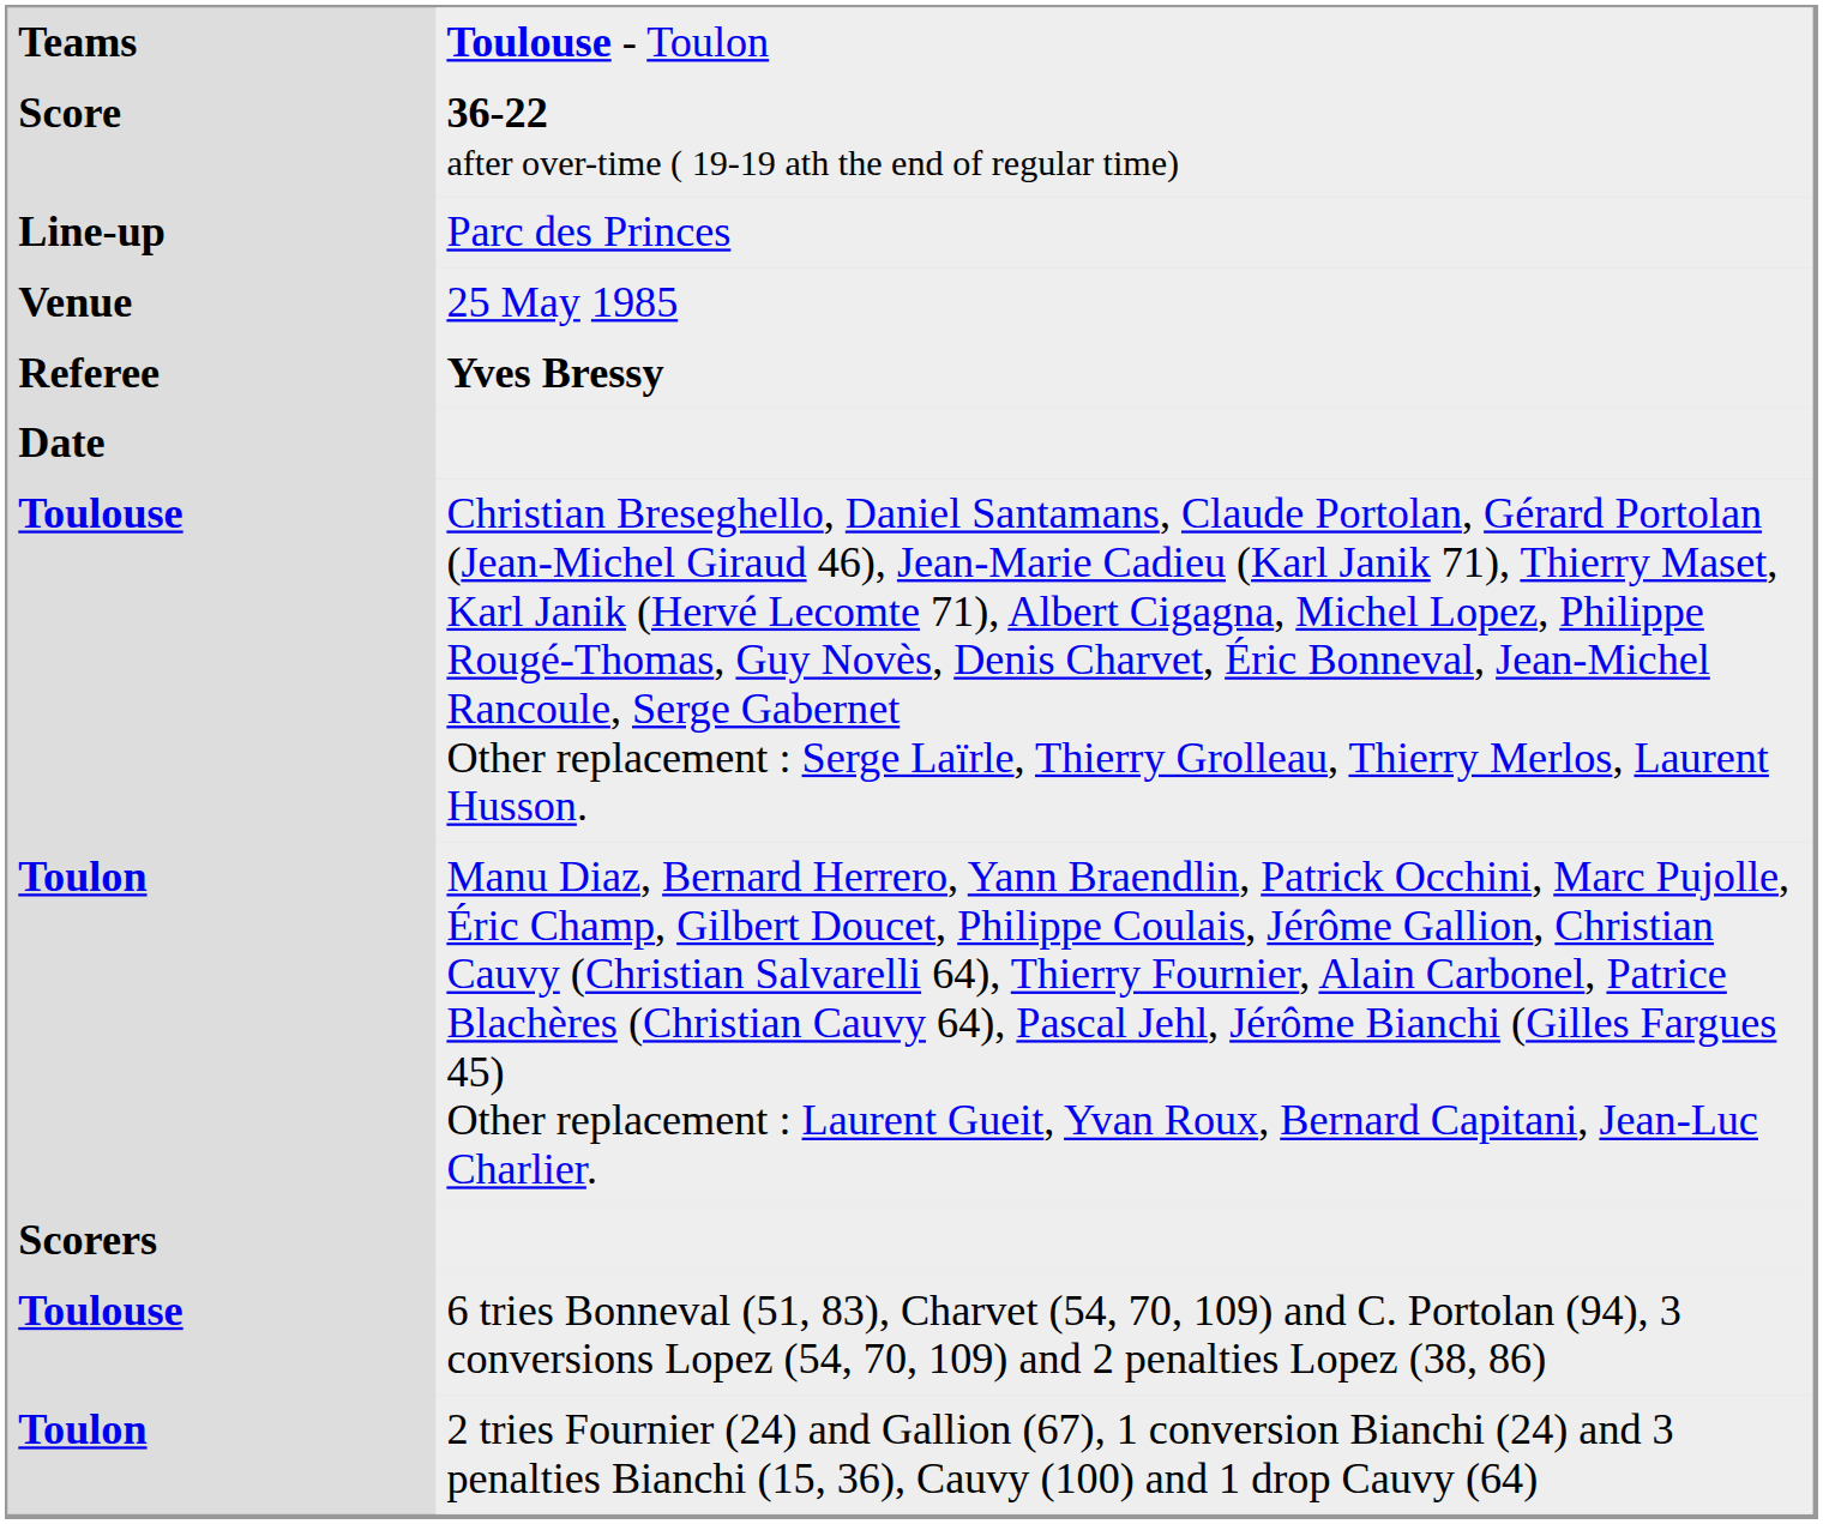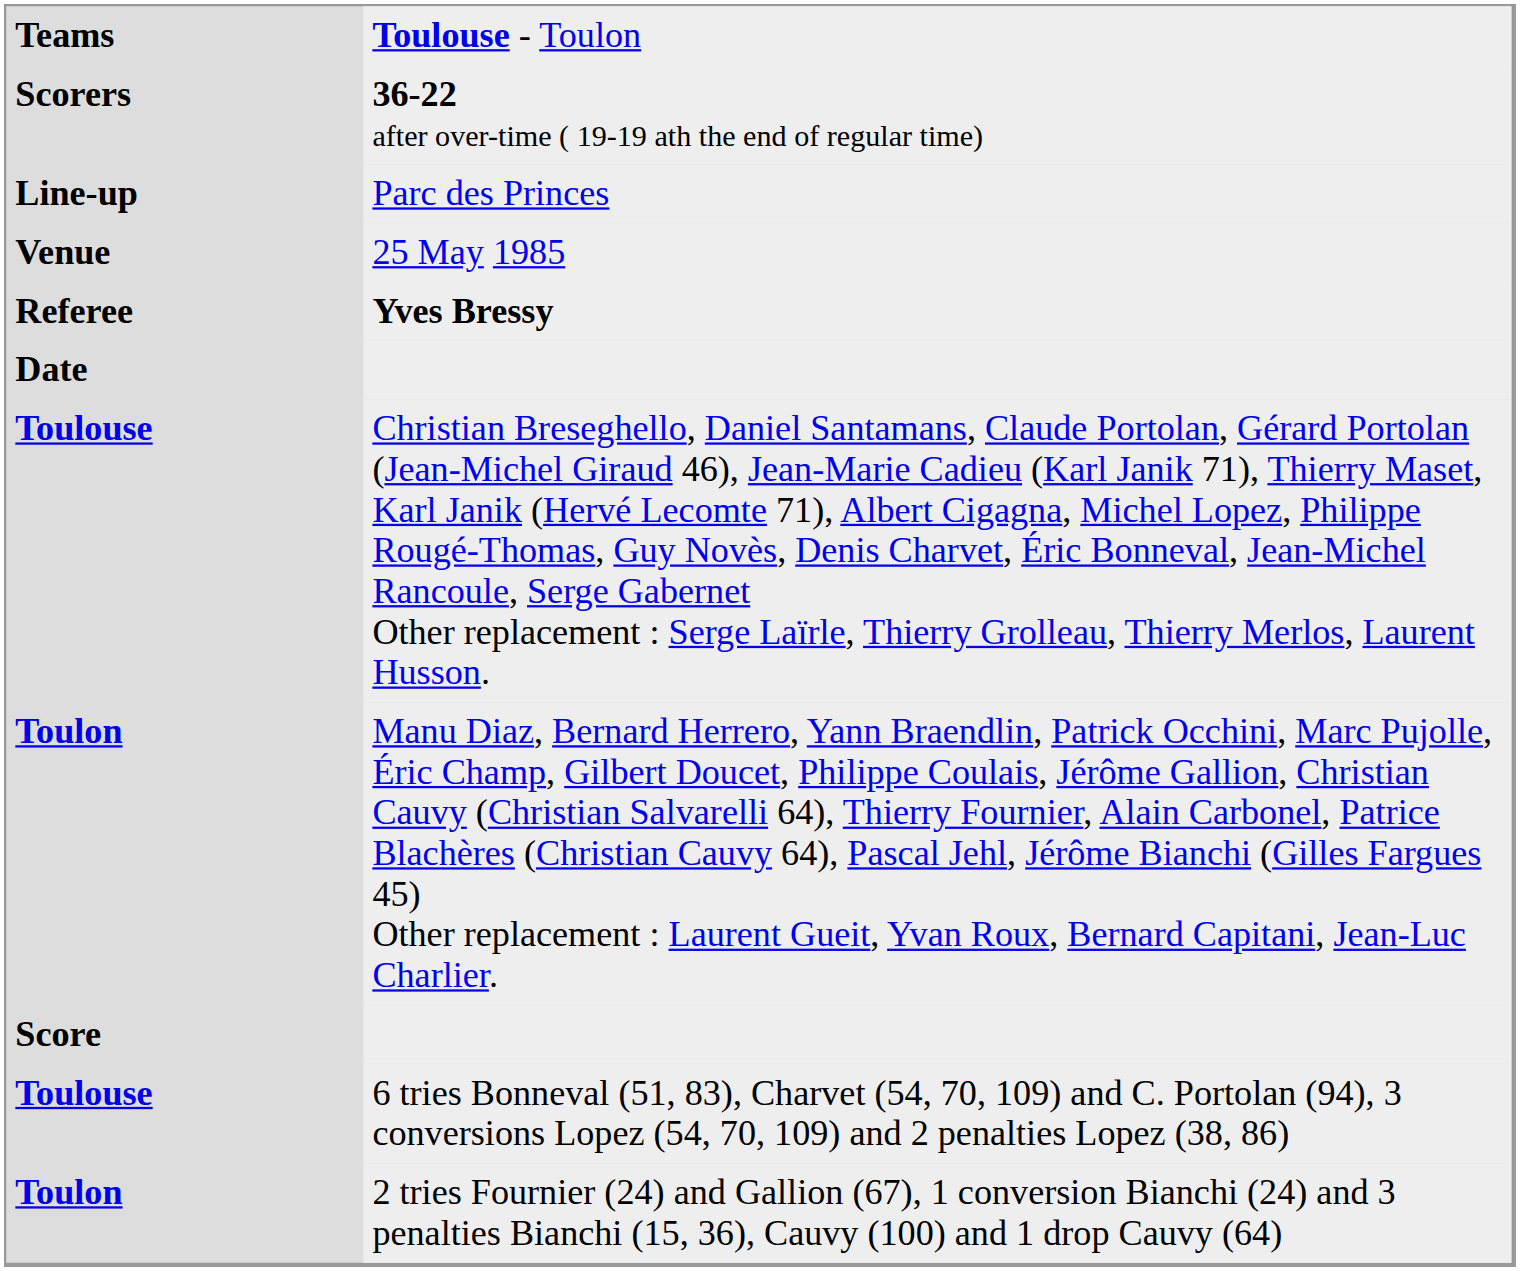 <table align="left" cellpadding="4" cellspacing="0"  style="margin: 0 0 0 0; border: 1px solid #999; border-right-width: 2px; border-bottom-width: 2px; background-color: #DDDDDD">
 <tr>
 <td width="150" valign="top"><strong>Teams</strong></td>
 <td width="500" bgcolor=#EEEEEE><strong><a href='#'>Toulouse</a> </strong> - <a href='#'>Toulon</a></td>
 </tr>
 <tr>
-<td valign="top"><strong>Score</strong></td>
+<td valign="top"><strong>Scorers</strong></td>
 <td bgcolor=#EEEEEE><strong>36-22</strong> <br> <small>  after over-time ( 19-19 ath the end of regular time) </small></td>
 </tr>
 <tr>
 <td valign="top"><strong>Line-up</strong></td>
 <td bgcolor=#EEEEEE><a href='#'>Parc des Princes</a></td>
 </tr>
 <tr>
 <td valign="top"><strong>Venue</strong></td>
 <td bgcolor=#EEEEEE><a href='#'>25 May</a> <a href='#'>1985</a></td>
 </tr>
 <tr>
 <td valign="top"><strong>Referee</strong></td>
 <td bgcolor=#EEEEEE><strong>Yves Bressy</strong></td>
 </tr>
 <tr>
 <td valign="top"><strong>Date</strong></td>
 <td bgcolor=#EEEEEE></td>
 </tr>
 <tr>
 <td valign="top"><strong> <a href='#'>Toulouse</a> </strong></td>
 <td bgcolor=#EEEEEE><a href='#'>Christian Breseghello</a>, <a href='#'>Daniel Santamans</a>, <a href='#'>Claude Portolan</a>, <a href='#'>Gérard Portolan</a> (<a href='#'>Jean-Michel Giraud</a> 46), <a href='#'>Jean-Marie Cadieu</a> (<a href='#'>Karl Janik</a> 71), <a href='#'>Thierry Maset</a>, <a href='#'>Karl Janik</a> (<a href='#'>Hervé Lecomte</a> 71), <a href='#'>Albert Cigagna</a>, <a href='#'>Michel Lopez</a>, <a href='#'>Philippe Rougé-Thomas</a>, <a href='#'>Guy Novès</a>, <a href='#'>Denis Charvet</a>, <a href='#'>Éric Bonneval</a>, <a href='#'>Jean-Michel Rancoule</a>, <a href='#'>Serge Gabernet</a> <br>Other replacement : <a href='#'>Serge Laïrle</a>, <a href='#'>Thierry Grolleau</a>, <a href='#'>Thierry Merlos</a>, <a href='#'>Laurent Husson</a>.</td>
 </tr>
 <tr>
 <td valign="top"><strong><a href='#'>Toulon</a></strong></td>
 <td bgcolor=#EEEEEE><a href='#'>Manu Diaz</a>, <a href='#'>Bernard Herrero</a>, <a href='#'>Yann Braendlin</a>, <a href='#'>Patrick Occhini</a>, <a href='#'>Marc Pujolle</a>, <a href='#'>Éric Champ</a>, <a href='#'>Gilbert Doucet</a>, <a href='#'>Philippe Coulais</a>, <a href='#'>Jérôme Gallion</a>, <a href='#'>Christian Cauvy</a> (<a href='#'>Christian Salvarelli</a> 64), <a href='#'>Thierry Fournier</a>, <a href='#'>Alain Carbonel</a>, <a href='#'>Patrice Blachères</a> (<a href='#'>Christian Cauvy</a> 64), <a href='#'>Pascal Jehl</a>, <a href='#'>Jérôme Bianchi</a> (<a href='#'>Gilles Fargues</a> 45) <br>Other replacement : <a href='#'>Laurent Gueit</a>, <a href='#'>Yvan Roux</a>, <a href='#'>Bernard Capitani</a>, <a href='#'>Jean-Luc Charlier</a>.</td>
 </tr>
 <tr>
-<td valign="top"><strong>Scorers</strong></td>
+<td valign="top"><strong>Score</strong></td>
 <td bgcolor=#EEEEEE></td>
 </tr>
 <tr>
 <td valign="top"><strong> <a href='#'>Toulouse</a> </strong></td>
 <td bgcolor=#EEEEEE>6 tries Bonneval (51, 83), Charvet (54, 70, 109) and C. Portolan (94), 3 conversions Lopez (54, 70, 109) and 2 penalties Lopez (38, 86)</td>
 </tr>
 <tr>
 <td valign="top"><strong><a href='#'>Toulon</a></strong></td>
 <td bgcolor=#EEEEEE>2 tries Fournier (24) and Gallion (67), 1 conversion Bianchi (24) and 3 penalties Bianchi (15, 36), Cauvy (100) and 1 drop Cauvy (64)</td>
 </tr>
 </table>
